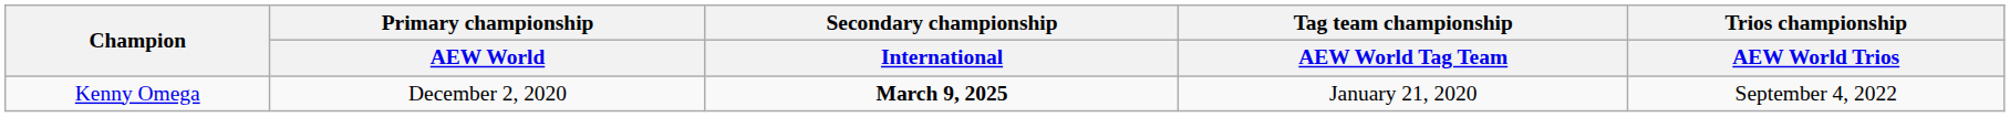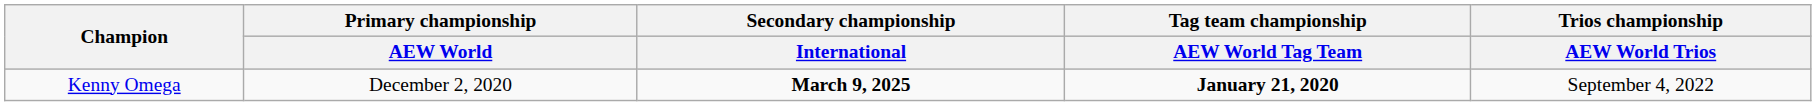 <table class="wikitable" style="font-size:85%; text-align:center; width:100%;">
 <tr>
 <th rowspan=2>Champion</th>
 <th>Primary championship</th>
 <th>Secondary championship</th>
 <th>Tag team championship</th>
 <th>Trios championship</th>
 </tr>
 <tr>
 <th><a href='#'>AEW World</a></th>
 <th><a href='#'>International</a></th>
 <th><a href='#'>AEW World Tag Team</a></th>
 <th><a href='#'>AEW World Trios</a></th>
 </tr>
 <tr>
 <td><a href='#'>Kenny Omega</a></td>
 <td>December 2, 2020</td>
 <td><strong>March 9, 2025</strong></td>
-<td>January 21, 2020<br></td>
+<td><strong>January 21, 2020<br></strong></td>
 <td>September 4, 2022<br></td>
 </tr>
 </table>
